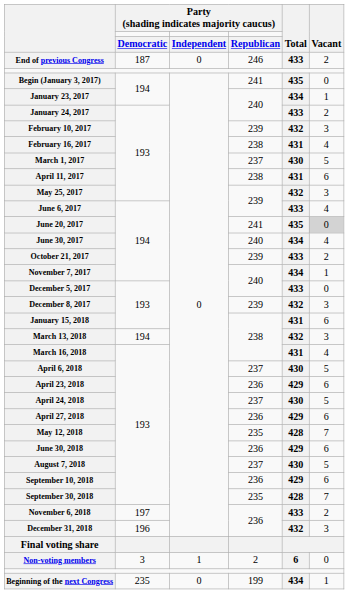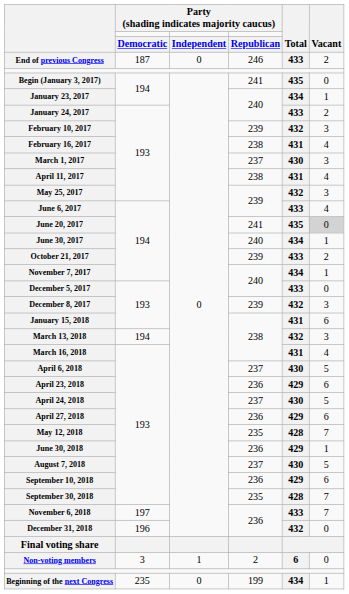 <table class=wikitable style="text-align:center">
 <tr style="vertical-align:bottom;">
 <th rowspan=3></th>
 <th colspan=3>Party <div>(shading indicates majority caucus)</div></th>
 <th rowspan=3>Total</th>
 <th rowspan=3>Vacant</th>
 </tr>
 <tr style="height:5px">
 <td style="background-color:"></td>
 <td style="background-color:"></td>
 <td style="background-color:"></td>
 </tr>
 <tr>
 <th><a href='#'>Democratic</a></th>
 <th><a href='#'>Independent</a></th>
 <th><a href='#'>Republican</a></th>
 </tr>
 <tr>
 <th style="font-size:80%">End of <a href='#'>previous Congress</a></th>
 <td>187</td>
 <td>0</td>
 <td>246</td>
 <th>433</th>
 <td>2</td>
 </tr>
 <tr>
 <td colspan=6></td>
 </tr>
 <tr>
 <th style="font-size:80%">Begin (January 3, 2017)</th>
 <td rowspan=2>194</td>
 <td rowspan=29>0</td>
 <td>241</td>
 <th>435</th>
 <td>0</td>
 </tr>
 <tr>
 <th style="font-size:80%">January 23, 2017</th>
 <td rowspan=2 >240</td>
 <th>434</th>
 <td>1</td>
 </tr>
 <tr>
 <th style="font-size:80%">January 24, 2017</th>
 <td rowspan=6>193</td>
 <th>433</th>
 <td>2</td>
 </tr>
 <tr>
 <th style="font-size:80%">February 10, 2017</th>
 <td>239</td>
 <th>432</th>
 <td>3</td>
 </tr>
 <tr>
 <th style="font-size:80%">February 16, 2017</th>
 <td>238</td>
 <th>431</th>
 <td>4</td>
 </tr>
 <tr>
 <th style="font-size:80%">March 1, 2017</th>
 <td>237</td>
 <th>430</th>
-<td>5</td>
+<td>3</td>
 </tr>
 <tr>
 <th style="font-size:80%">April 11, 2017</th>
 <td>238</td>
 <th>431</th>
-<td>6</td>
+<td>4</td>
 </tr>
 <tr>
 <th style="font-size:80%">May 25, 2017</th>
 <td rowspan=2 >239</td>
 <th>432</th>
 <td>3</td>
 </tr>
 <tr>
 <th style="font-size:80%">June 6, 2017</th>
 <td rowspan=5>194</td>
 <th>433</th>
 <td>4</td>
 </tr>
 <tr>
 <th style="font-size:80%">June 20, 2017</th>
 <td>241</td>
 <th>435</th>
 <td style="background: lightgrey;">0</td>
 </tr>
 <tr>
 <th style="font-size:80%">June 30, 2017</th>
 <td>240</td>
 <th>434</th>
-<td>4</td>
+<td>1</td>
 </tr>
 <tr>
 <th style="font-size:80%">October 21, 2017</th>
 <td>239</td>
 <th>433</th>
 <td>2</td>
 </tr>
 <tr>
 <th style="font-size:80%">November 7, 2017</th>
 <td rowspan=2 >240</td>
 <th>434</th>
 <td>1</td>
 </tr>
 <tr>
 <th style="font-size:80%">December 5, 2017</th>
 <td rowspan=3>193</td>
 <th>433</th>
 <td>0</td>
 </tr>
 <tr>
 <th style="font-size:80%">December 8, 2017</th>
 <td>239</td>
 <th>432</th>
 <td>3</td>
 </tr>
 <tr>
 <th style="font-size:80%">January 15, 2018</th>
 <td rowspan=3 >238</td>
 <th>431</th>
 <td>6</td>
 </tr>
 <tr>
 <th style="font-size:80%">March 13, 2018</th>
 <td>194</td>
 <th>432</th>
 <td>3</td>
 </tr>
 <tr>
 <th style="font-size:80%">March 16, 2018</th>
 <td rowspan=10>193</td>
 <th>431</th>
 <td>4</td>
 </tr>
 <tr>
 <th style="font-size:80%">April 6, 2018</th>
 <td>237</td>
 <th>430</th>
 <td>5</td>
 </tr>
 <tr>
 <th style="font-size:80%">April 23, 2018</th>
 <td>236</td>
 <th>429</th>
 <td>6</td>
 </tr>
 <tr>
 <th style="font-size:80%">April 24, 2018</th>
 <td>237</td>
 <th>430</th>
 <td>5</td>
 </tr>
 <tr>
 <th style="font-size:80%">April 27, 2018</th>
 <td>236</td>
 <th>429</th>
 <td>6</td>
 </tr>
 <tr>
 <th style="font-size:80%">May 12, 2018</th>
 <td>235</td>
 <th>428</th>
 <td>7</td>
 </tr>
 <tr>
 <th style="font-size:80%">June 30, 2018</th>
 <td>236</td>
 <th>429</th>
-<td>6</td>
+<td>1</td>
 </tr>
 <tr>
 <th style="font-size:80%">August 7, 2018</th>
 <td>237</td>
 <th>430</th>
 <td>5</td>
 </tr>
 <tr>
 <th style="font-size:80%">September 10, 2018</th>
 <td>236</td>
 <th>429</th>
 <td>6</td>
 </tr>
 <tr>
 <th style="font-size:80%">September 30, 2018</th>
 <td>235</td>
 <th>428</th>
 <td>7</td>
 </tr>
 <tr>
 <th style="font-size:80%">November 6, 2018</th>
 <td>197</td>
 <td rowspan=2  >236</td>
 <th>433</th>
-<td>2</td>
+<td>7</td>
 </tr>
 <tr>
 <th style="font-size:80%">December 31, 2018</th>
 <td>196</td>
 <th>432</th>
-<td>3</td>
+<td>0</td>
 </tr>
 <tr>
 <th>Final voting share</th>
 <th></th>
 <th></th>
 <th></th>
 <th colspan=3> </th>
 </tr>
 <tr>
 <th style=font-size:80%><a href='#'>Non-voting members</a></th>
 <td>3</td>
 <td>1</td>
 <td>2</td>
 <th>6</th>
 <td>0</td>
 </tr>
 <tr>
 <td colspan=6></td>
 </tr>
 <tr>
 <th style="white-space:nowrap; font-size:80%;">Beginning of the <a href='#'>next Congress</a></th>
 <td>235</td>
 <td>0</td>
 <td>199</td>
 <th>434</th>
 <td>1</td>
 </tr>
 </table>
